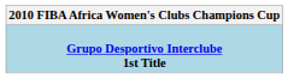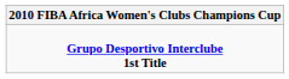 <table class=wikitable style="text-align:center; margin:auto">
 <tr>
 <th>2010 FIBA Africa Women's Clubs Champions Cup</th>
 </tr>
 <tr>
-<td style="background: lightblue;"><br><strong><a href='#'>Grupo Desportivo Interclube</a></strong><br><strong>1st Title</strong></td>
+<td><br><strong><a href='#'>Grupo Desportivo Interclube</a></strong><br><strong>1st Title</strong></td>
 </tr>
 </table>
